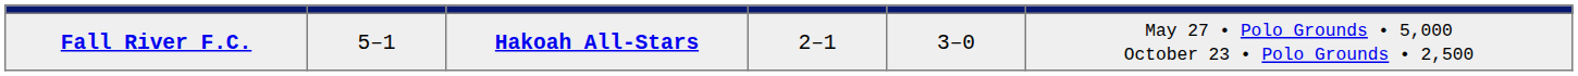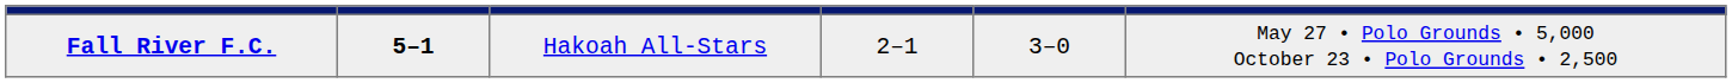 <table style=border-collapse:collapse border=1 cellspacing=0 cellpadding=2>
 <tr align=center bgcolor=#071871>
 <th width=180></th>
 <th width=80></th>
 <th width=180></th>
 <th width=80></th>
 <th width=80></th>
 <td width=330></td>
 </tr>
 <tr align=center bgcolor=#efefef>
 <td align=center><strong><a href='#'>Fall River F.C.</a></strong></td>
-<td>5–1</td>
-<td align=center><strong><a href='#'>Hakoah All-Stars</a></strong></td>
+<td><strong>5–1</strong></td>
+<td align=center><a href='#'>Hakoah All-Stars</a></td>
 <td>2–1</td>
 <td>3–0</td>
 <td><small>May 27 •  <a href='#'>Polo Grounds</a> • 5,000<br>October 23 • <a href='#'>Polo Grounds</a> • 2,500</small></td>
 </tr>
 </table>
